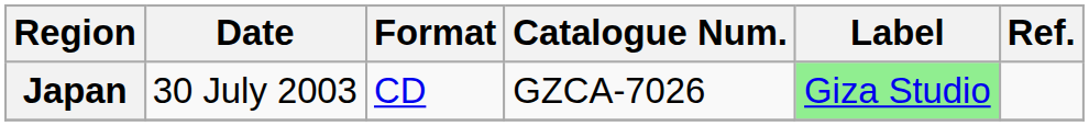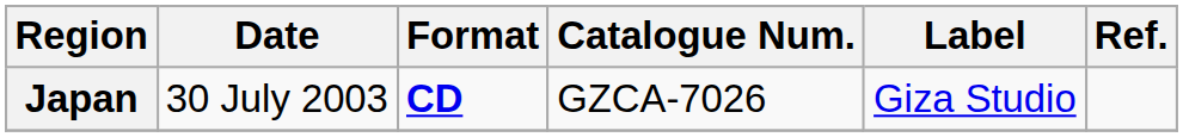 <table class="wikitable sortable plainrowheaders">
 <tr>
 <th scope="col">Region</th>
 <th scope="col">Date</th>
 <th scope="col">Format</th>
 <th scope="col">Catalogue Num.</th>
 <th scope="col">Label</th>
 <th scope="col">Ref.</th>
 </tr>
 <tr>
 <th scope="row">Japan</th>
 <td>30 July 2003</td>
-<td><a href='#'>CD</a></td>
+<td><strong><a href='#'>CD</a></strong></td>
 <td>GZCA-7026</td>
-<td style="background: lightgreen;"><a href='#'>Giza Studio</a></td>
+<td><a href='#'>Giza Studio</a></td>
 <td></td>
 </tr>
 <tr>
 </tr>
 </table>
